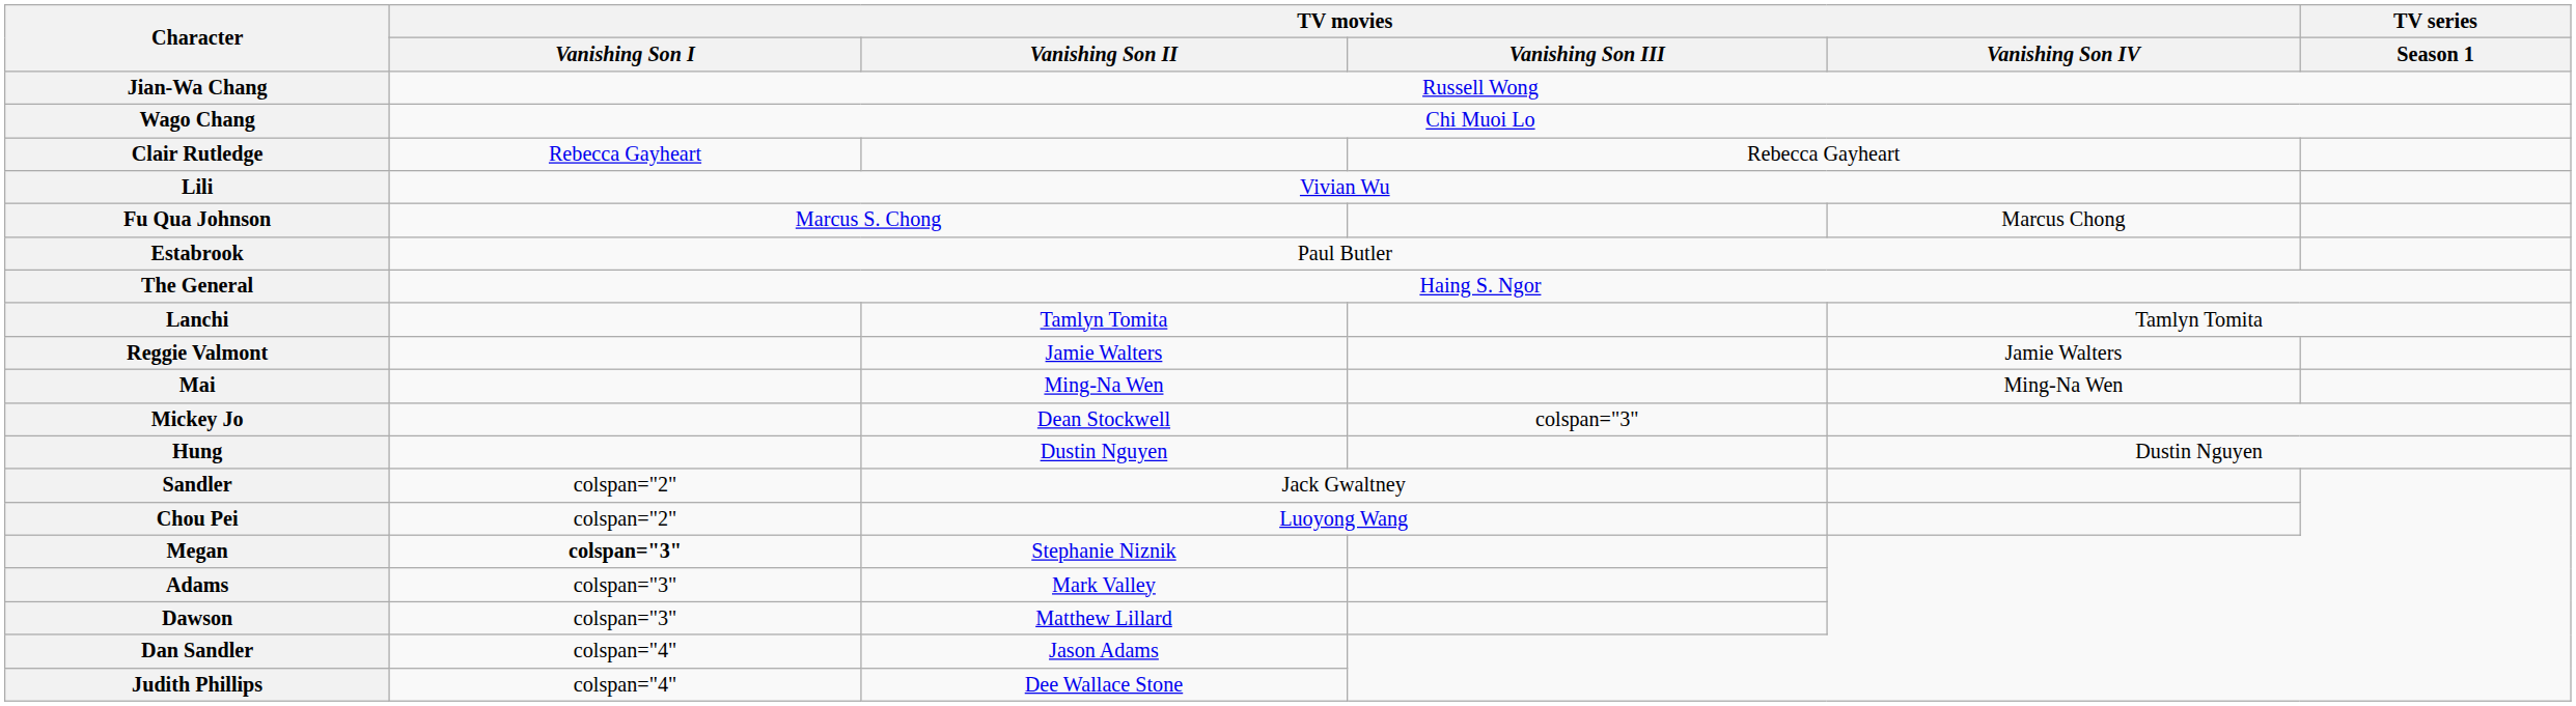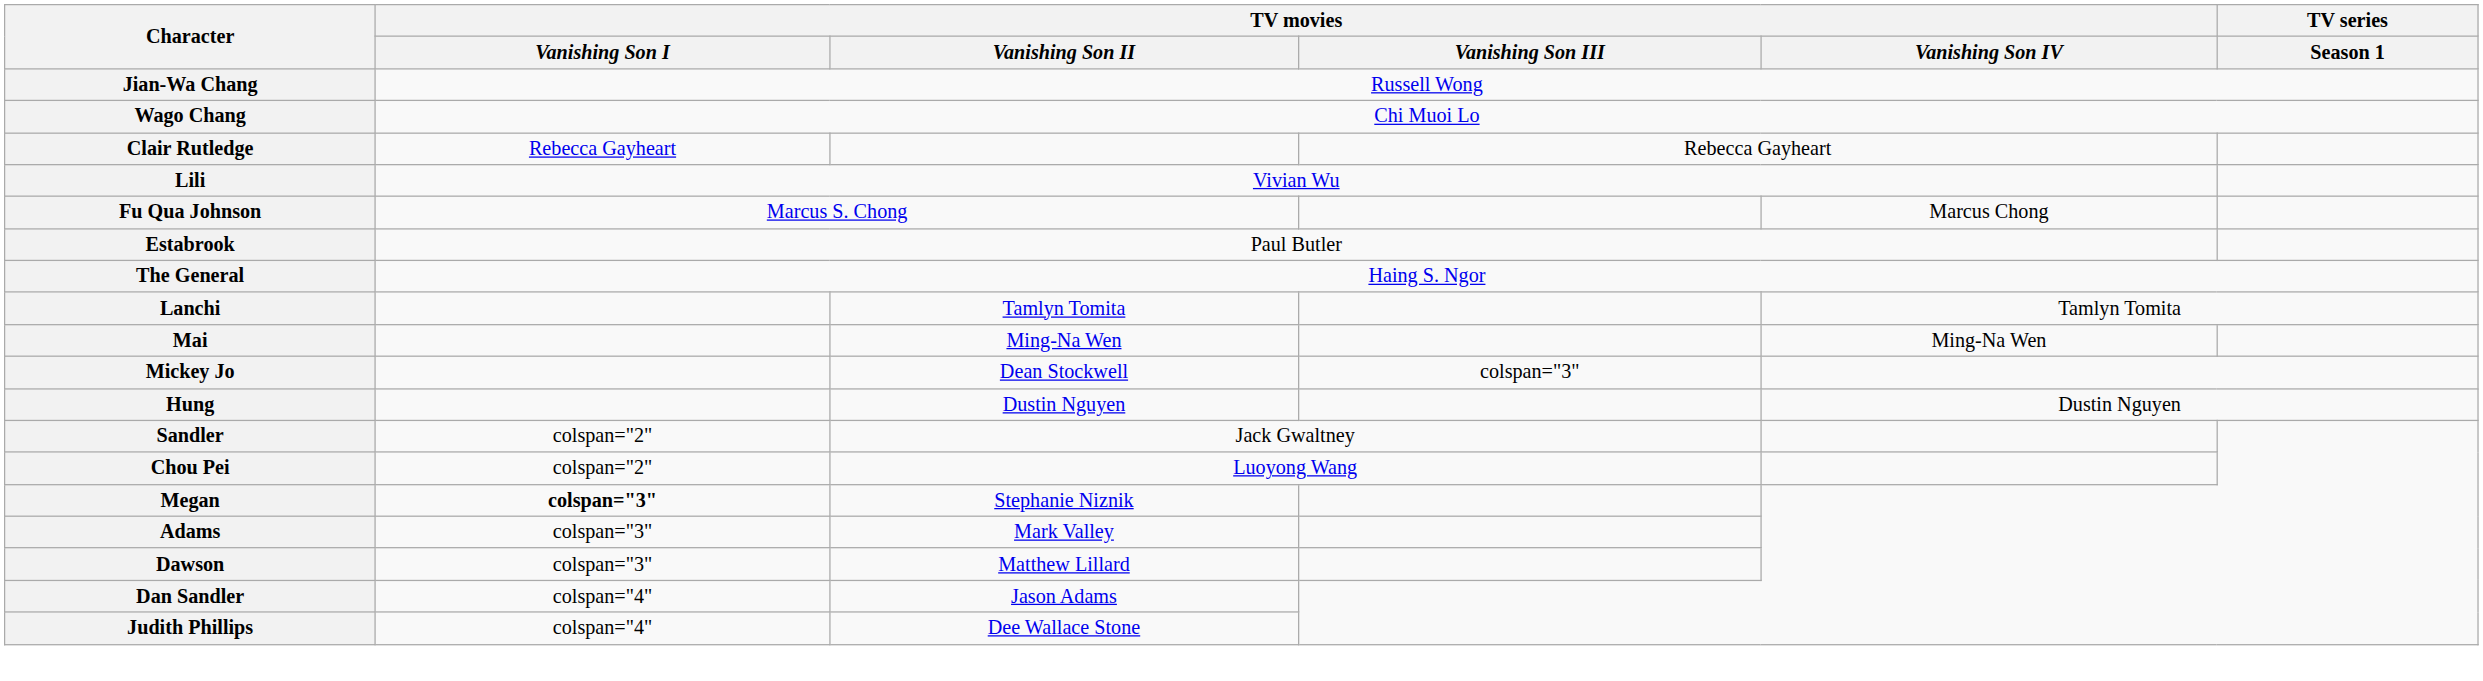 <table class="wikitable" style="width:99%; text-align:center;">
 <tr>
 <th rowspan="2" style="width:15%;">Character</th>
 <th colspan="4">TV movies</th>
 <th colspan="1">TV series</th>
 </tr>
 <tr>
 <th><em>Vanishing Son I</em></th>
 <th><em>Vanishing Son II</em></th>
 <th><em>Vanishing Son III</em></th>
 <th><em>Vanishing Son IV</em></th>
 <th>Season 1</th>
 </tr>
 <tr>
 <th scope="row">Jian-Wa Chang</th>
 <td colspan="5"><a href='#'>Russell Wong</a></td>
 </tr>
 <tr>
 <th scope="row">Wago Chang</th>
 <td colspan="5"><a href='#'>Chi Muoi Lo</a></td>
 </tr>
 <tr>
 <th scope="row">Clair Rutledge</th>
 <td><a href='#'>Rebecca Gayheart</a></td>
 <td></td>
 <td colspan="2">Rebecca Gayheart</td>
 <td></td>
 </tr>
 <tr>
 <th scope="row">Lili</th>
 <td colspan="4"><a href='#'>Vivian Wu</a></td>
 <td></td>
 </tr>
 <tr>
 <th scope="row">Fu Qua Johnson</th>
 <td colspan="2"><a href='#'>Marcus S. Chong</a></td>
 <td></td>
 <td>Marcus Chong</td>
 <td></td>
 </tr>
 <tr>
 <th scope="row">Estabrook</th>
 <td colspan="4">Paul Butler</td>
 <td></td>
 </tr>
 <tr>
 <th scope="row">The General</th>
 <td colspan="5"><a href='#'>Haing S. Ngor</a></td>
 </tr>
 <tr>
 <th scope="row">Lanchi</th>
 <td></td>
 <td><a href='#'>Tamlyn Tomita</a></td>
 <td></td>
 <td colspan="2">Tamlyn Tomita</td>
-</tr>
-<tr>
-<th scope="row">Reggie Valmont</th>
-<td></td>
-<td><a href='#'>Jamie Walters</a></td>
-<td></td>
-<td>Jamie Walters</td>
-<td></td>
 </tr>
 <tr>
 <th scope="row">Mai</th>
 <td></td>
 <td><a href='#'>Ming-Na Wen</a></td>
 <td></td>
 <td>Ming-Na Wen</td>
 <td></td>
 </tr>
 <tr>
 <th scope="row">Mickey Jo</th>
 <td></td>
 <td><a href='#'>Dean Stockwell</a></td>
 <td>colspan="3" </td>
 </tr>
 <tr>
 <th scope="row">Hung</th>
 <td></td>
 <td><a href='#'>Dustin Nguyen</a></td>
 <td></td>
 <td colspan="2">Dustin Nguyen</td>
 </tr>
 <tr>
 <th scope="row">Sandler</th>
 <td>colspan="2" </td>
 <td colspan="2">Jack Gwaltney</td>
 <td></td>
 </tr>
 <tr>
 <th scope="row">Chou Pei</th>
 <td>colspan="2" </td>
 <td colspan="2"><a href='#'>Luoyong Wang</a></td>
 <td></td>
 </tr>
 <tr>
 <th scope="row">Megan</th>
 <td><strong>colspan="3" </strong></td>
 <td><a href='#'>Stephanie Niznik</a></td>
 <td></td>
 </tr>
 <tr>
 <th scope="row">Adams</th>
 <td>colspan="3" </td>
 <td><a href='#'>Mark Valley</a></td>
 <td></td>
 </tr>
 <tr>
 <th scope="row">Dawson</th>
 <td>colspan="3" </td>
 <td><a href='#'>Matthew Lillard</a></td>
 <td></td>
 </tr>
 <tr>
 <th scope="row">Dan Sandler</th>
 <td>colspan="4" </td>
 <td><a href='#'>Jason Adams</a></td>
 </tr>
 <tr>
 <th scope="row">Judith Phillips</th>
 <td>colspan="4" </td>
 <td><a href='#'>Dee Wallace Stone</a></td>
 </tr>
 </table>
